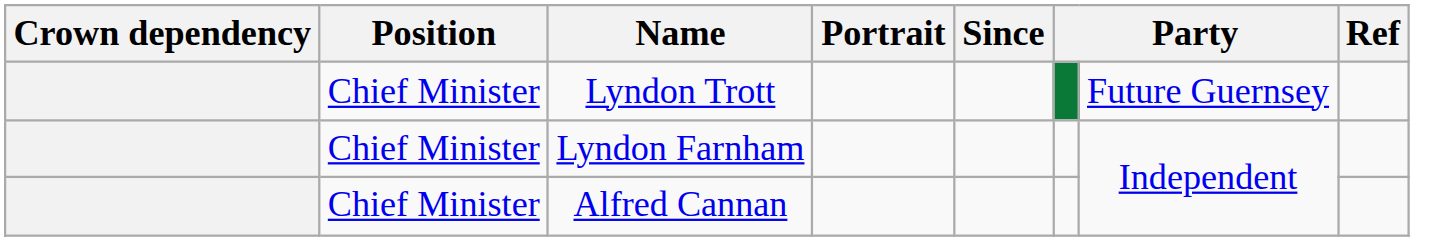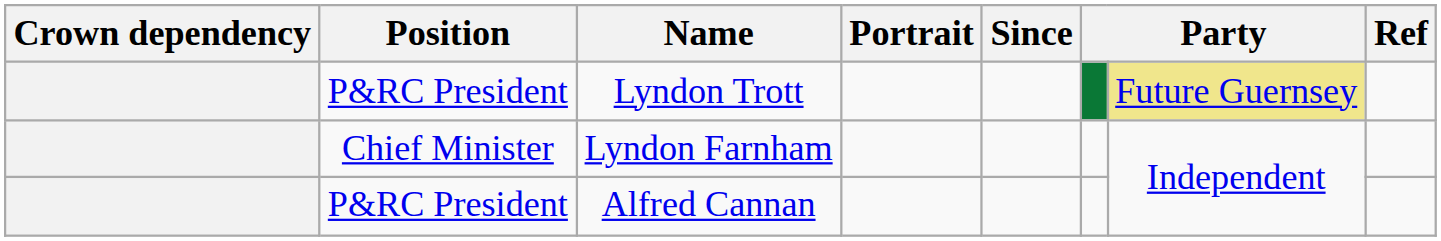 <table class="wikitable sortable plainrowheaders" style="text-align:center">
 <tr>
 <th>Crown dependency</th>
 <th>Position</th>
 <th>Name</th>
 <th class=unsortable>Portrait</th>
 <th>Since</th>
 <th colspan=2>Party</th>
 <th class=unsortable>Ref</th>
 </tr>
 <tr>
 <th scope=row></th>
-<td><a href='#'>Chief Minister</a></td>
+<td><a href='#'>P&RC President</a></td>
 <td><a href='#'>Lyndon Trott</a></td>
 <td></td>
 <td></td>
 <td style="background-color:#0A7836;"> </td>
-<td><a href='#'>Future Guernsey</a></td>
+<td style="background: khaki;"><a href='#'>Future Guernsey</a></td>
 <td></td>
 </tr>
 <tr>
 <th scope=row></th>
 <td><a href='#'>Chief Minister</a></td>
 <td><a href='#'>Lyndon Farnham</a></td>
 <td></td>
 <td></td>
 <td style="color:inherit;background:"></td>
 <td rowspan="2"><a href='#'>Independent</a></td>
 <td></td>
 </tr>
 <tr>
 <th scope=row></th>
-<td><a href='#'>Chief Minister</a></td>
+<td><a href='#'>P&RC President</a></td>
 <td><a href='#'>Alfred Cannan</a></td>
 <td></td>
 <td></td>
 <td style="color:inherit;background:"></td>
 <td></td>
 </tr>
 </table>
